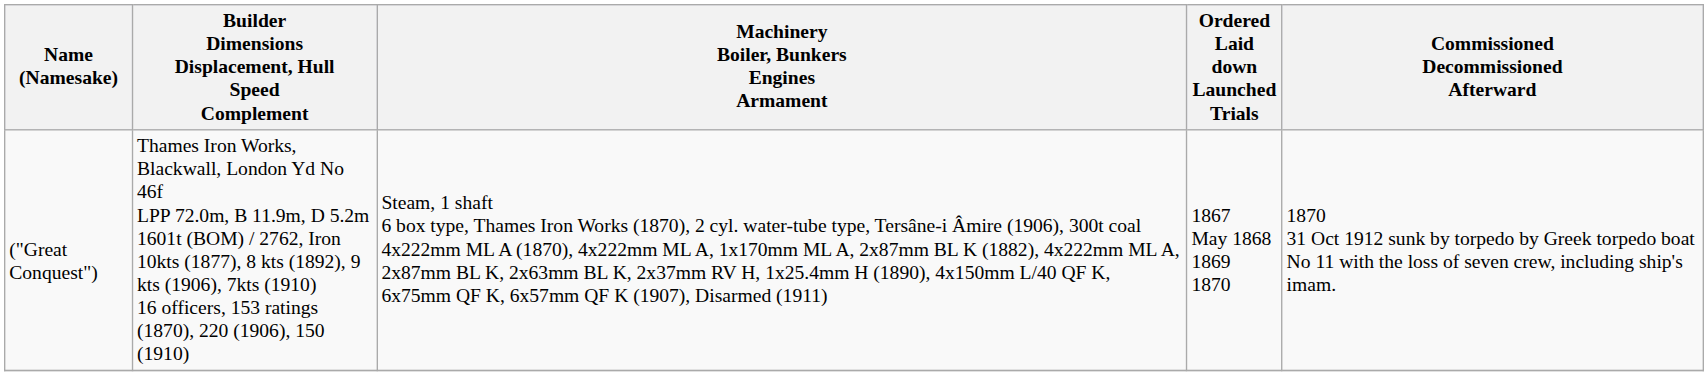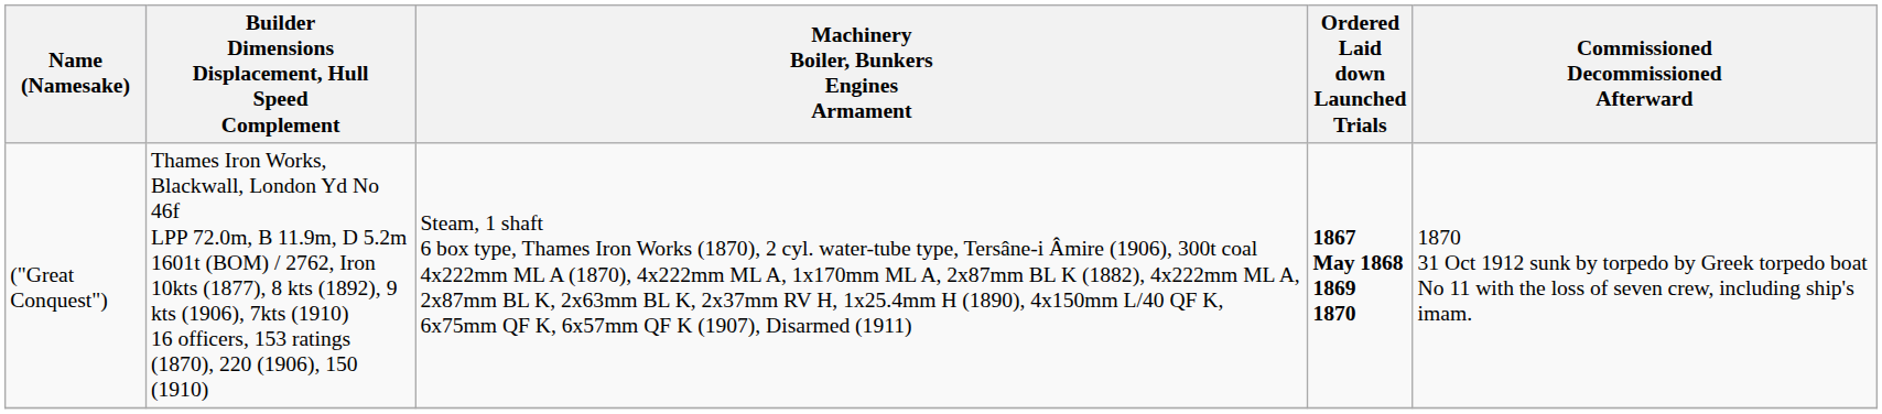 <table class="wikitable" style="font-size:90%;">
 <tr bgcolor="#e6e9ff">
 <th>Name<br>(Namesake)</th>
 <th>Builder<br>Dimensions<br>Displacement, Hull<br>Speed<br>Complement</th>
 <th>Machinery<br>Boiler, Bunkers<br>Engines<br>Armament</th>
 <th>Ordered<br>Laid down<br>Launched<br>Trials</th>
 <th>Commissioned<br>Decommissioned<br>Afterward</th>
 </tr>
 <tr ---->
 <td><br>("Great Conquest")</td>
 <td> Thames Iron Works, Blackwall, London Yd No 46f<br>LPP 72.0m, B 11.9m, D 5.2m<br>1601t (BOM) / 2762, Iron<br>10kts (1877), 8 kts (1892), 9 kts (1906), 7kts (1910)<br>16 officers, 153 ratings (1870), 220 (1906), 150 (1910)</td>
 <td>Steam, 1 shaft<br>6 box type, Thames Iron Works (1870), 2 cyl. water-tube type, Tersâne-i Âmire (1906), 300t coal<br>4x222mm ML A (1870), 4x222mm ML A, 1x170mm ML A, 2x87mm BL K (1882), 4x222mm ML A, 2x87mm BL K, 2x63mm BL K, 2x37mm RV H, 1x25.4mm H (1890), 4x150mm L/40 QF K, 6x75mm QF K, 6x57mm QF K (1907), Disarmed (1911)</td>
-<td>1867<br>May 1868<br>1869<br>1870</td>
+<td><strong>1867<br>May 1868<br>1869<br>1870</strong></td>
 <td>1870<br>31 Oct 1912 sunk by torpedo by Greek torpedo boat No 11 with the loss of seven crew, including ship's imam.</td>
 </tr>
 <tr ---->
 </tr>
 </table>
